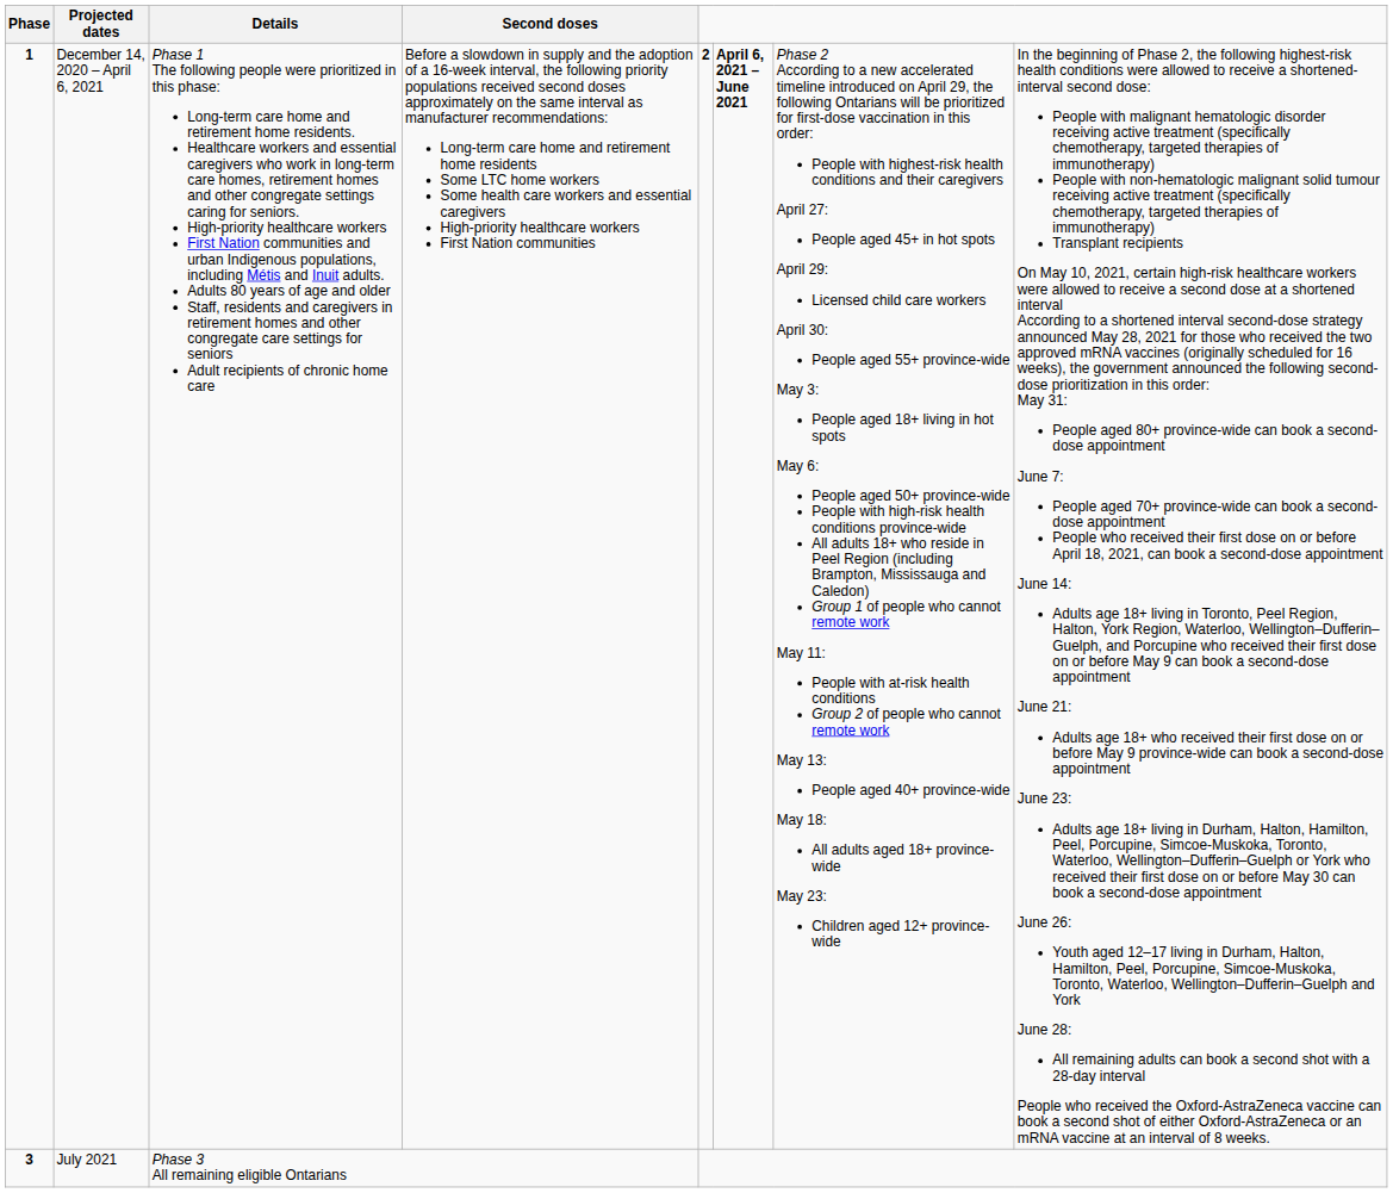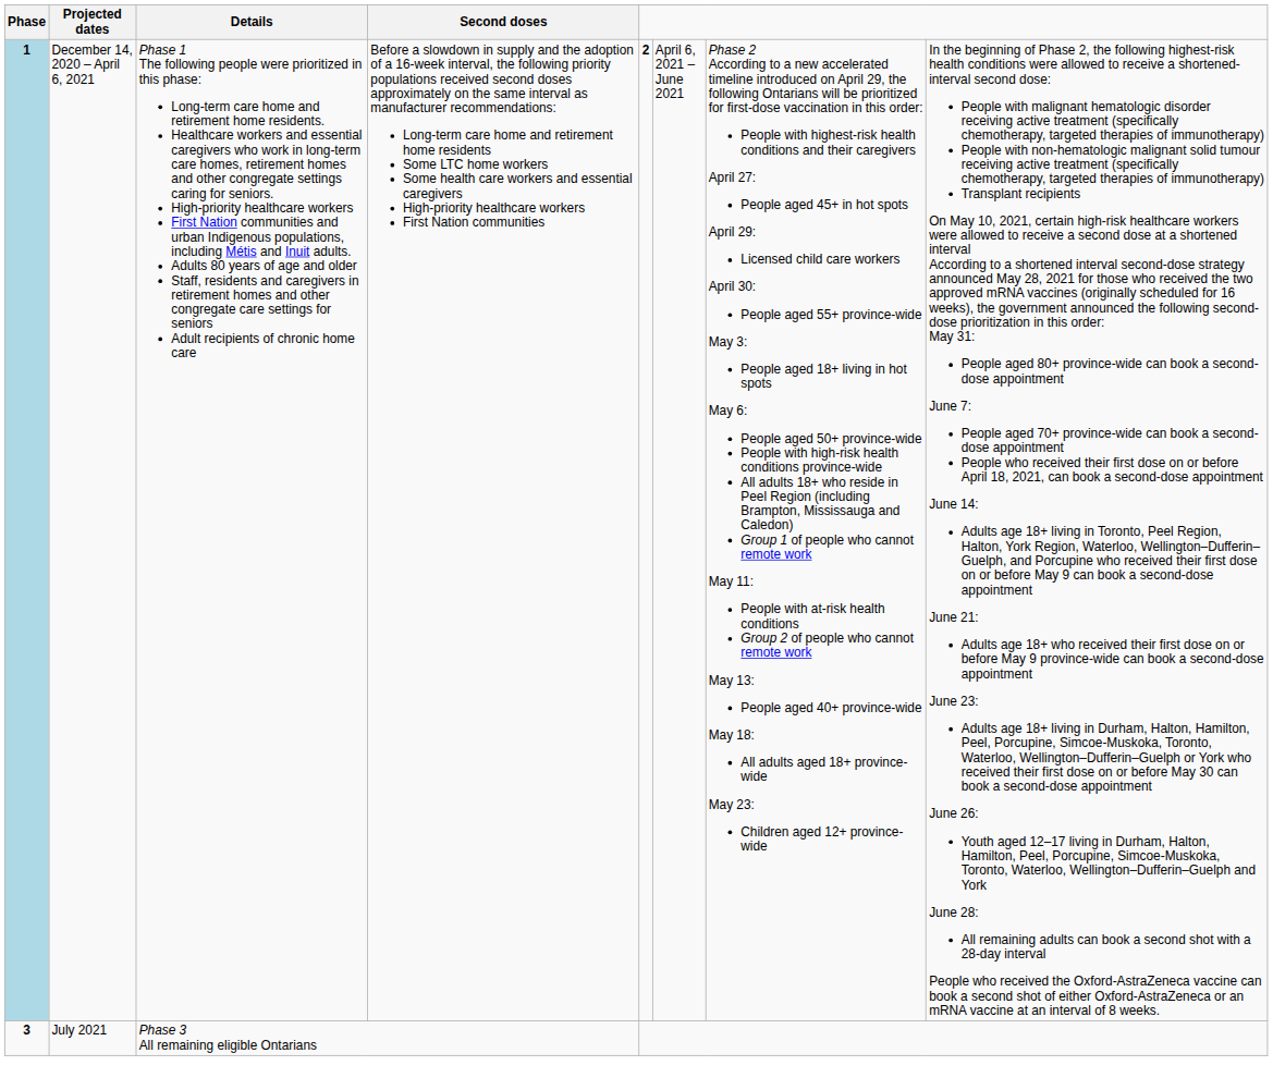 <table class="wikitable">
 <tr>
 <th>Phase</th>
 <th>Projected dates</th>
 <th>Details</th>
 <th>Second doses</th>
 </tr>
 <tr>
-<td valign="top" align="center"><strong>1</strong></td>
+<td valign="top" align="center" style="background: lightblue;"><strong>1</strong></td>
 <td valign="top">December 14, 2020 – April 6, 2021</td>
 <td valign="top"><em>Phase 1</em><br>The following people were prioritized in this phase:<ul><li>Long-term care home and retirement home residents.</li><li>Healthcare workers and essential caregivers who work in long-term care homes, retirement homes and other congregate settings caring for seniors.</li><li>High-priority healthcare workers</li><li><a href='#'>First Nation</a> communities and urban Indigenous populations, including <a href='#'>Métis</a> and <a href='#'>Inuit</a> adults.</li><li>Adults 80 years of age and older</li><li>Staff, residents and caregivers in retirement homes and other congregate care settings for seniors</li><li>Adult recipients of chronic home care</li></ul></td>
 <td valign="top">Before a slowdown in supply and the adoption of a 16-week interval, the following priority populations received second doses approximately on the same interval as manufacturer recommendations:<br><ul><li>Long-term care home and retirement home residents</li><li>Some LTC home workers</li><li>Some health care workers and essential caregivers</li><li>High-priority healthcare workers</li><li>First Nation communities</li></ul></td>
 <td valign="top" align="center"><strong>2</strong></td>
-<td valign="top"><strong>April 6, 2021 – June 2021</strong></td>
+<td valign="top">April 6, 2021 – June 2021</td>
 <td valign="top"><em>Phase 2</em><br>According to a new accelerated timeline introduced on April 29, the following Ontarians will be prioritized for first-dose vaccination in this order:<ul><li>People with highest-risk health conditions and their caregivers</li></ul>April 27:<ul><li>People aged 45+ in hot spots</li></ul>April 29:<ul><li>Licensed child care workers</li></ul>April 30:<ul><li>People aged 55+ province-wide</li></ul>May 3:<ul><li>People aged 18+ living in hot spots</li></ul>May 6:<ul><li>People aged 50+ province-wide</li><li>People with high-risk health conditions province-wide</li><li>All adults 18+ who reside in Peel Region (including Brampton, Mississauga and Caledon)</li><li><em>Group 1</em> of people who cannot <a href='#'>remote work</a></li></ul>May 11:<ul><li>People with at-risk health conditions</li><li><em>Group 2</em> of people who cannot <a href='#'>remote work</a></li></ul>May 13:<ul><li>People aged 40+ province-wide</li></ul>May 18:<ul><li>All adults aged 18+ province-wide</li></ul>May 23:<ul><li>Children aged 12+ province-wide</li></ul></td>
 <td valign="top">In the beginning of Phase 2, the following highest-risk health conditions were allowed to receive a shortened-interval second dose:<br><ul><li>People with malignant hematologic disorder receiving active treatment (specifically chemotherapy, targeted therapies of immunotherapy)</li><li>People with non-hematologic malignant solid tumour receiving active treatment (specifically chemotherapy, targeted therapies of immunotherapy)</li><li>Transplant recipients</li></ul>On May 10, 2021, certain high-risk healthcare workers were allowed to receive a second dose at a shortened interval<br>According to a shortened interval second-dose strategy announced May 28, 2021 for those who received the two approved mRNA vaccines (originally scheduled for 16 weeks), the government announced the following second-dose prioritization in this order:<br>May 31:<ul><li>People aged 80+ province-wide can book a second-dose appointment</li></ul>June 7:<ul><li>People aged 70+ province-wide can book a second-dose appointment</li><li>People who received their first dose on or before April 18, 2021, can book a second-dose appointment</li></ul>June 14:<ul><li>Adults age 18+ living in Toronto, Peel Region, Halton, York Region, Waterloo, Wellington–Dufferin–Guelph, and Porcupine who received their first dose on or before May 9 can book a second-dose appointment</li></ul>June 21:<ul><li>Adults age 18+  who received their first dose on or before May 9 province-wide can book a second-dose appointment</li></ul>June 23:<ul><li>Adults age 18+ living in Durham, Halton, Hamilton, Peel, Porcupine, Simcoe-Muskoka, Toronto, Waterloo, Wellington–Dufferin–Guelph or York who received their first dose on or before May 30 can book a second-dose appointment</li></ul>June 26:<ul><li>Youth aged 12–17 living in Durham, Halton, Hamilton, Peel, Porcupine, Simcoe-Muskoka, Toronto, Waterloo, Wellington–Dufferin–Guelph and York</li></ul>June 28:<ul><li>All remaining adults can book a second shot with a 28-day interval</li></ul>People who received the Oxford-AstraZeneca vaccine can book a second shot of either Oxford-AstraZeneca or an mRNA vaccine at an interval of 8 weeks.</td>
 </tr>
 <tr>
 <td valign="top" align="center"><strong>3</strong></td>
 <td valign="top">July 2021</td>
 <td colspan="2" valign="top"><em>Phase 3</em><br>All remaining eligible Ontarians</td>
 </tr>
 </table>
